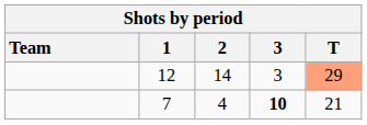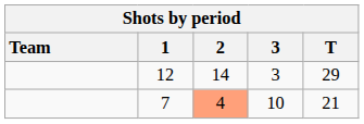 <table class="wikitable" style="width:20em">
 <tr>
 <th colspan="6">Shots by period</th>
 </tr>
 <tr>
 <th style="width:8em; text-align:left;">Team</th>
 <th style="width:3em;">1</th>
 <th style="width:3em;">2</th>
 <th style="width:3em;">3</th>
 <th style="width:3em;">T</th>
 </tr>
 <tr style="text-align:center;">
 <td style="text-align:left;"></td>
 <td>12</td>
 <td>14</td>
 <td>3</td>
-<td style="background: lightsalmon;">29</td>
+<td>29</td>
 </tr>
 <tr style="text-align:center;">
 <td style="text-align:left;"></td>
 <td>7</td>
-<td>4</td>
-<td><strong>10</strong></td>
+<td style="background: lightsalmon;">4</td>
+<td>10</td>
 <td>21</td>
 </tr>
 </table>
